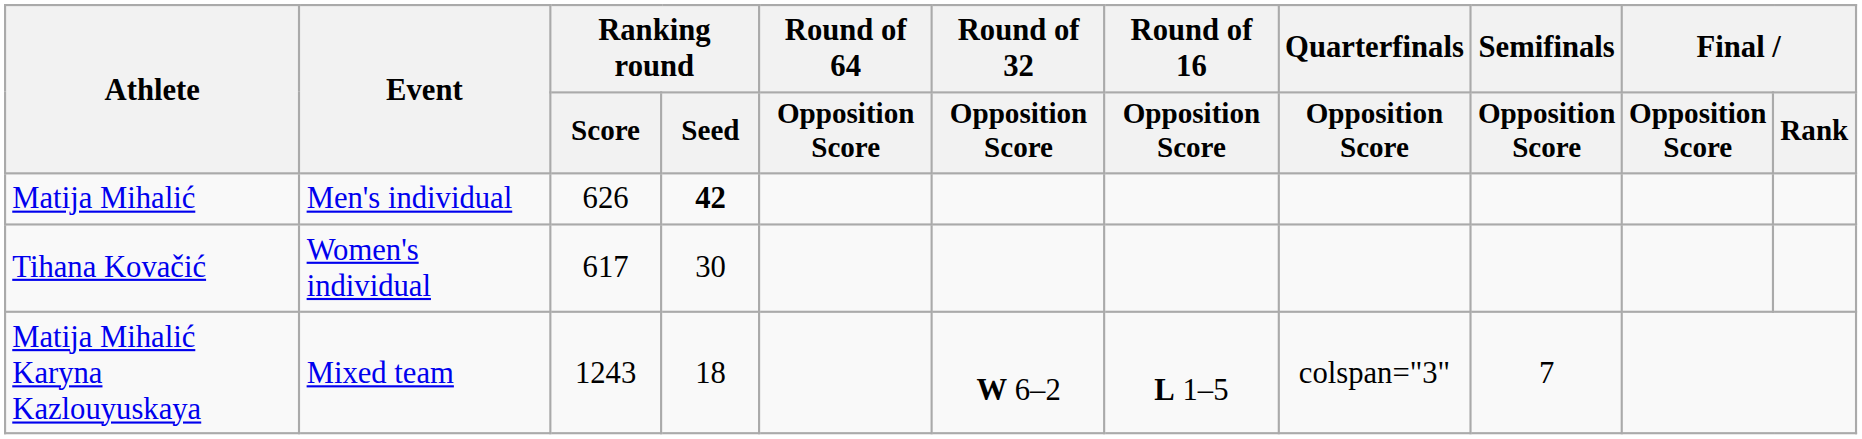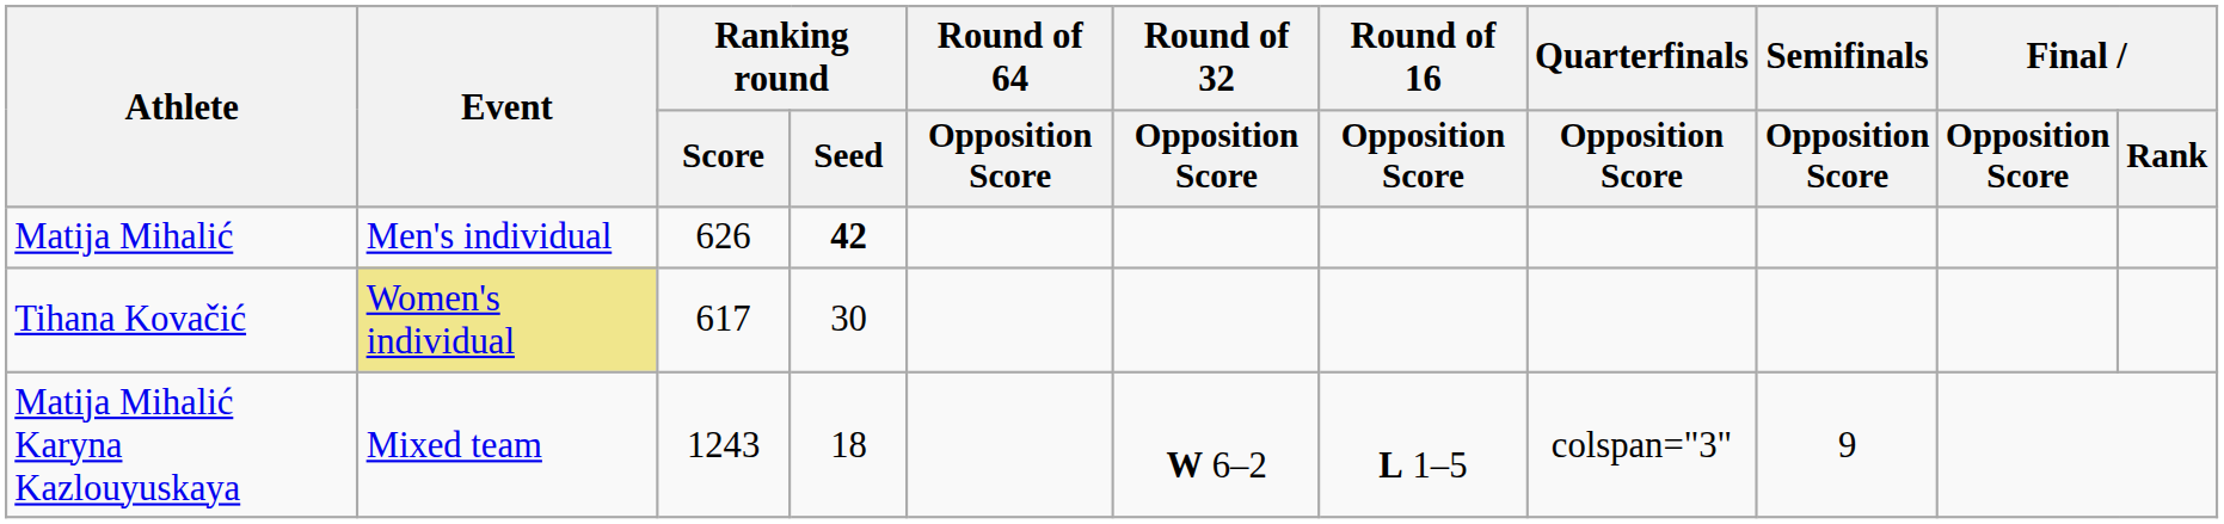 <table class="wikitable" style="text-align:center; font-size:90%">
 <tr>
 <th rowspan="2">Athlete</th>
 <th rowspan="2">Event</th>
 <th colspan="2">Ranking round</th>
 <th>Round of 64</th>
 <th>Round of 32</th>
 <th>Round of 16</th>
 <th>Quarterfinals</th>
 <th>Semifinals</th>
 <th colspan="2">Final / </th>
 </tr>
 <tr style="font-size:95%">
 <th>Score</th>
 <th>Seed</th>
 <th>Opposition<br>Score</th>
 <th>Opposition<br>Score</th>
 <th>Opposition<br>Score</th>
 <th>Opposition<br>Score</th>
 <th>Opposition<br>Score</th>
 <th>Opposition<br>Score</th>
 <th>Rank</th>
 </tr>
 <tr>
 <td align="left"><a href='#'>Matija Mihalić</a></td>
 <td align="left"><a href='#'>Men's individual</a></td>
 <td>626</td>
 <td><strong>42</strong></td>
 <td><br></td>
 <td></td>
 <td></td>
 <td></td>
 <td></td>
 <td></td>
 <td></td>
 </tr>
 <tr>
 <td align="left"><a href='#'>Tihana Kovačić</a></td>
-<td align="left"><a href='#'>Women's individual</a></td>
+<td align="left" style="background: khaki;"><a href='#'>Women's individual</a></td>
 <td>617</td>
 <td>30</td>
 <td><br></td>
 <td></td>
 <td></td>
 <td></td>
 <td></td>
 <td></td>
 <td></td>
 </tr>
 <tr>
 <td align="left"><a href='#'>Matija Mihalić</a><br><a href='#'>Karyna Kazlouyuskaya</a></td>
 <td align="left"><a href='#'>Mixed team</a></td>
 <td>1243</td>
 <td>18</td>
 <td></td>
 <td><br><strong>W</strong> 6–2</td>
 <td><br><strong>L</strong> 1–5</td>
 <td>colspan="3" </td>
-<td>7</td>
+<td>9</td>
 </tr>
 </table>
